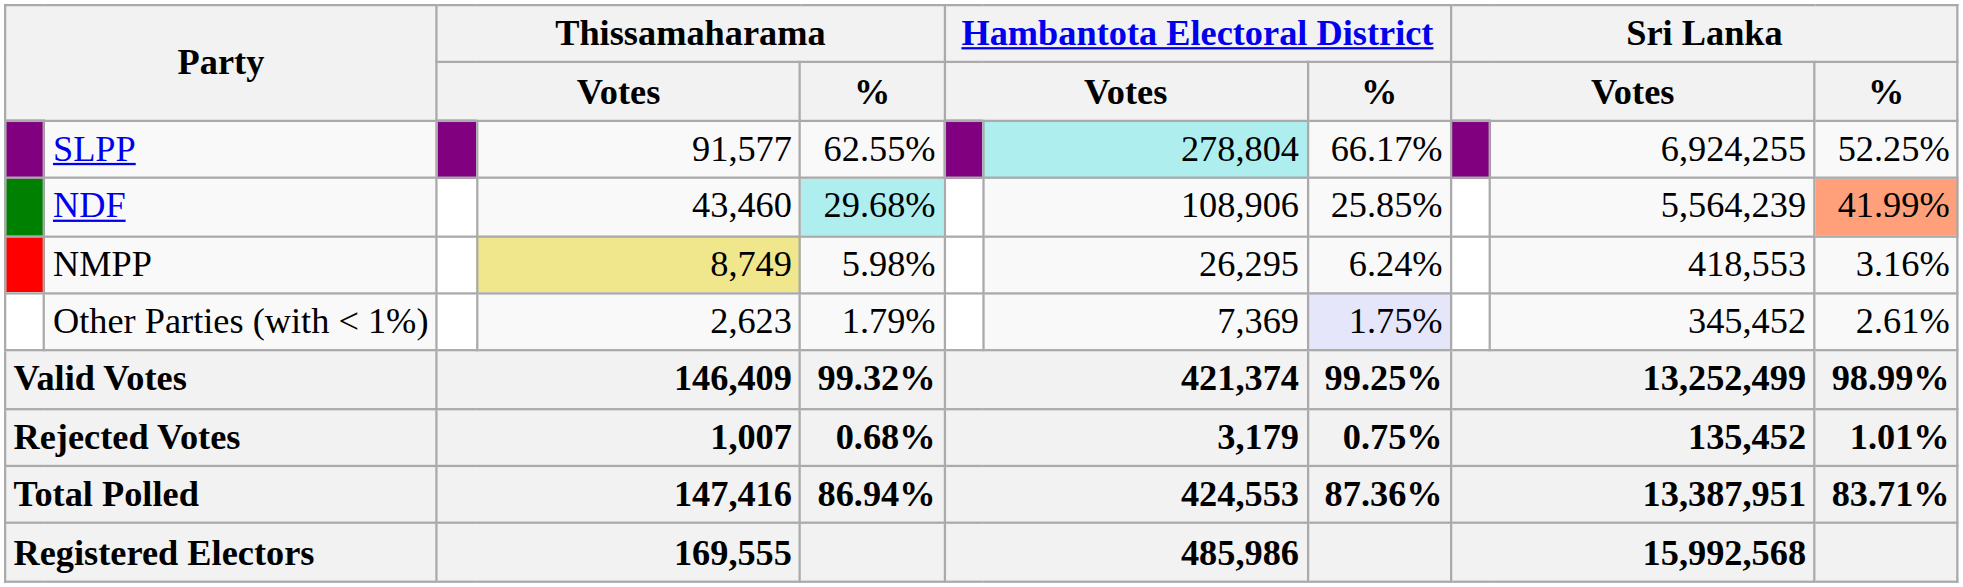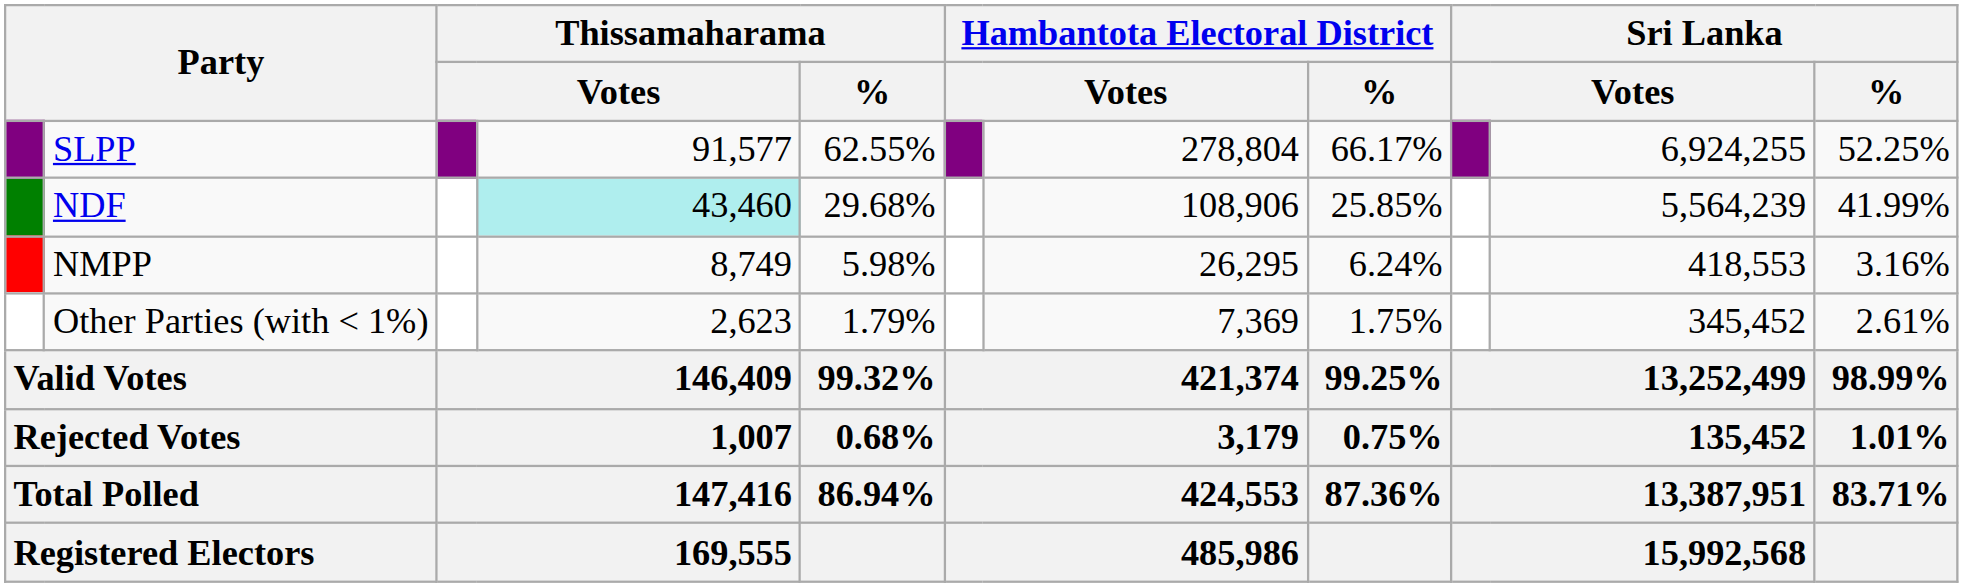 <table class="wikitable">
 <tr>
 <th colspan="2" width="144px"rowspan="2">Party</th>
 <th colspan="3" width="216px">Thissamaharama</th>
 <th colspan="3" width="216px"><a href='#'>Hambantota Electoral District</a></th>
 <th colspan="3" width="216px">Sri Lanka</th>
 </tr>
 <tr>
 <th colspan="2" width="144px">Votes</th>
 <th>%</th>
 <th colspan="2" width="144px">Votes</th>
 <th>%</th>
 <th colspan="2" width="144px">Votes</th>
 <th>%</th>
 </tr>
 <tr>
 <td style="background-color:purple;" width="10px"></td>
 <td style="text-align:left;"><a href='#'>SLPP</a></td>
 <td style="background-color:purple;" width="10px"></td>
 <td style="text-align:right;">91,577</td>
 <td style="text-align:right;">62.55%</td>
 <td style="background-color:purple;" width="10px"></td>
-<td style="background: paleturquoise; text-align:right;">278,804</td>
+<td style="text-align:right;">278,804</td>
 <td style="text-align:right;">66.17%</td>
 <td style="background-color:purple;" width="10px"></td>
 <td style="text-align:right;">6,924,255</td>
 <td style="text-align:right;">52.25%</td>
 </tr>
 <tr>
 <td style="background-color:green;" width="10px"></td>
 <td style="text-align:left;"><a href='#'>NDF</a></td>
 <td style="background-color:white;" width="10px"></td>
-<td style="text-align:right;">43,460</td>
-<td style="background: paleturquoise; text-align:right;">29.68%</td>
+<td style="background: paleturquoise; text-align:right;">43,460</td>
+<td style="text-align:right;">29.68%</td>
 <td style="background-color:white;" width="10px"></td>
 <td style="text-align:right;">108,906</td>
 <td style="text-align:right;">25.85%</td>
 <td style="background-color:white;" width="10px"></td>
 <td style="text-align:right;">5,564,239</td>
-<td style="background: lightsalmon; text-align:right;">41.99%</td>
+<td style="text-align:right;">41.99%</td>
 </tr>
 <tr>
 <td style="background-color:red;" width="10px"></td>
 <td style="text-align:left;">NMPP</td>
 <td style="background-color:white;" width="10px"></td>
-<td style="background: khaki; text-align:right;">8,749</td>
+<td style="text-align:right;">8,749</td>
 <td style="text-align:right;">5.98%</td>
 <td style="background-color:white;" width="10px"></td>
 <td style="text-align:right;">26,295</td>
 <td style="text-align:right;">6.24%</td>
 <td style="background-color:white;" width="10px"></td>
 <td style="text-align:right;">418,553</td>
 <td style="text-align:right;">3.16%</td>
 </tr>
 <tr>
 <td style="background-color:white;" width="10px"></td>
 <td style="text-align:left;">Other Parties (with < 1%)</td>
 <td style="background-color:white;" width="10px"></td>
 <td style="text-align:right;">2,623</td>
 <td style="text-align:right;">1.79%</td>
 <td style="background-color:white;" width="10px"></td>
 <td style="text-align:right;">7,369</td>
-<td style="background: lavender; text-align:right;">1.75%</td>
+<td style="text-align:right;">1.75%</td>
 <td style="background-color:white;" width="10px"></td>
 <td style="text-align:right;">345,452</td>
 <td style="text-align:right;">2.61%</td>
 </tr>
 <tr>
 <th colspan="2" width="144px"style="text-align:left;">Valid Votes</th>
 <th style="text-align:right;"colspan="2" width="144px">146,409</th>
 <th style="text-align:right;">99.32%</th>
 <th style="text-align:right;"colspan="2" width="144px">421,374</th>
 <th style="text-align:right;">99.25%</th>
 <th style="text-align:right;"colspan="2" width="144px">13,252,499</th>
 <th style="text-align:right;">98.99%</th>
 </tr>
 <tr>
 <th colspan="2" width="144px"style="text-align:left;">Rejected Votes</th>
 <th style="text-align:right;"colspan="2" width="144px">1,007</th>
 <th style="text-align:right;">0.68%</th>
 <th style="text-align:right;"colspan="2" width="144px">3,179</th>
 <th style="text-align:right;">0.75%</th>
 <th style="text-align:right;"colspan="2" width="144px">135,452</th>
 <th style="text-align:right;">1.01%</th>
 </tr>
 <tr>
 <th colspan="2" width="144px"style="text-align:left;">Total Polled</th>
 <th style="text-align:right;"colspan="2" width="144px">147,416</th>
 <th style="text-align:right;">86.94%</th>
 <th style="text-align:right;"colspan="2" width="144px">424,553</th>
 <th style="text-align:right;">87.36%</th>
 <th style="text-align:right;"colspan="2" width="144px">13,387,951</th>
 <th style="text-align:right;">83.71%</th>
 </tr>
 <tr>
 <th colspan="2" width="144px"style="text-align:left;">Registered Electors</th>
 <th style="text-align:right;"colspan="2" width="144px">169,555</th>
 <th></th>
 <th style="text-align:right;"colspan="2" width="144px">485,986</th>
 <th></th>
 <th style="text-align:right;"colspan="2" width="144px">15,992,568</th>
 <th></th>
 </tr>
 </table>
